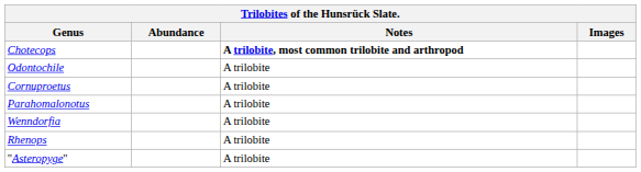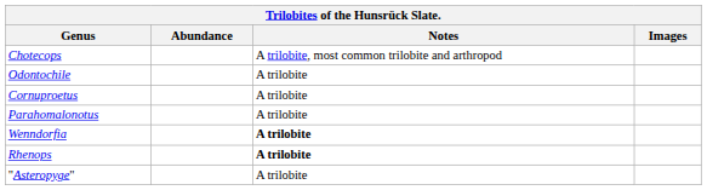 <table class="wikitable sortable" style="background:white; width:100%;">
 <tr>
 <th colspan="5" align="center"><a href='#'>Trilobites</a> of the Hunsrück Slate.</th>
 </tr>
 <tr>
 <th>Genus</th>
 <th>Abundance</th>
 <th>Notes</th>
 <th>Images</th>
 </tr>
 <tr>
 <td><em><a href='#'>Chotecops</a></em></td>
 <td></td>
-<td><strong>A <a href='#'>trilobite</a>, most common trilobite and arthropod</strong></td>
+<td>A <a href='#'>trilobite</a>, most common trilobite and arthropod</td>
 <td></td>
 </tr>
 <tr>
 <td><em><a href='#'>Odontochile</a></em></td>
 <td></td>
 <td>A trilobite</td>
 <td></td>
 </tr>
 <tr>
 <td><em><a href='#'>Cornuproetus</a></em></td>
 <td></td>
 <td>A trilobite</td>
 <td></td>
 </tr>
 <tr>
 <td><em><a href='#'>Parahomalonotus</a></em></td>
 <td></td>
 <td>A trilobite</td>
 <td></td>
 </tr>
 <tr>
 <td><em><a href='#'>Wenndorfia</a></em></td>
 <td></td>
-<td>A trilobite</td>
+<td><strong>A trilobite</strong></td>
 <td></td>
 </tr>
 <tr>
 <td><em><a href='#'>Rhenops</a></em></td>
 <td></td>
-<td>A trilobite</td>
+<td><strong>A trilobite</strong></td>
 <td></td>
 </tr>
 <tr>
 <td>"<em><a href='#'>Asteropyge</a></em>"</td>
 <td></td>
 <td>A trilobite</td>
 <td></td>
 </tr>
 </table>
